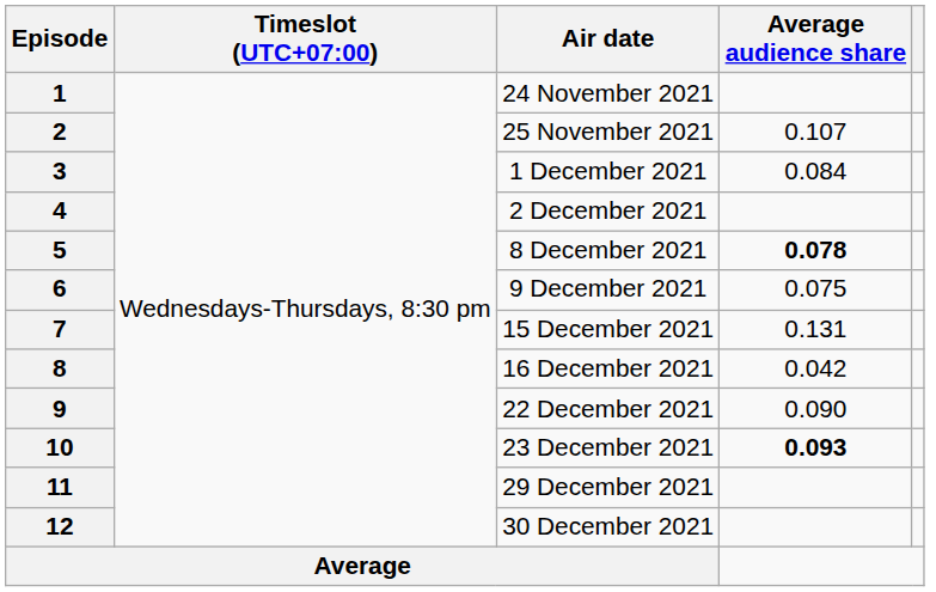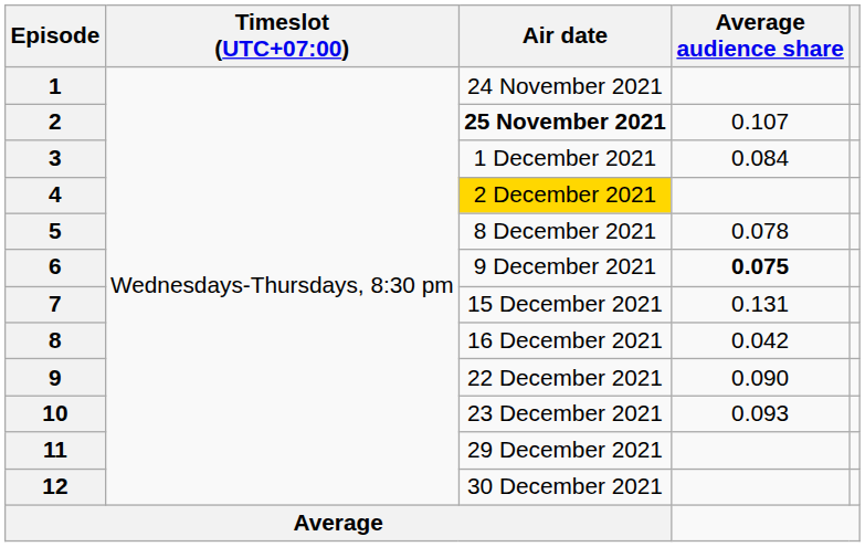 <table class="wikitable">
 <tr>
 <th>Episode<br></th>
 <th>Timeslot<br>(<a href='#'>UTC+07:00</a>)</th>
 <th>Air date</th>
 <th>Average<br><a href='#'>audience share</a></th>
 <th></th>
 </tr>
 <tr>
 <th style="text-align: center;">1</th>
 <td rowspan="12" style="text-align: center;">Wednesdays-Thursdays, 8:30 pm</td>
 <td style="text-align: center;">24 November 2021</td>
 <td style="text-align: center;"></td>
 <td style="text-align: center;"></td>
 </tr>
 <tr>
 <th style="text-align: center;">2</th>
-<td style="text-align: center;">25 November 2021</td>
+<td style="text-align: center;"><strong>25 November 2021</strong></td>
 <td style="text-align: center;">0.107</td>
 <td style="text-align: center;"></td>
 </tr>
 <tr>
 <th style="text-align: center;">3</th>
 <td style="text-align: center;">1 December 2021</td>
 <td style="text-align: center;">0.084</td>
 <td style="text-align: center;"></td>
 </tr>
 <tr>
 <th style="text-align: center;">4</th>
-<td style="text-align: center;">2 December 2021</td>
+<td style="background: gold; text-align: center;">2 December 2021</td>
 <td style="text-align: center;"></td>
 <td style="text-align: center;"></td>
 </tr>
 <tr>
 <th style="text-align: center;">5</th>
 <td style="text-align: center;">8 December 2021</td>
-<td style="text-align: center;"><strong>0.078</strong></td>
+<td style="text-align: center;">0.078</td>
 <td style="text-align: center;"></td>
 </tr>
 <tr>
 <th style="text-align: center;">6</th>
 <td style="text-align: center;">9 December 2021</td>
-<td style="text-align: center;">0.075</td>
+<td style="text-align: center;"><strong>0.075</strong></td>
 <td style="text-align: center;"></td>
 </tr>
 <tr>
 <th style="text-align: center;">7</th>
 <td style="text-align: center;">15 December 2021</td>
 <td style="text-align: center;">0.131</td>
 <td style="text-align: center;"></td>
 </tr>
 <tr>
 <th style="text-align: center;">8</th>
 <td style="text-align: center;">16 December 2021</td>
 <td style="text-align: center;">0.042</td>
 <td style="text-align: center;"></td>
 </tr>
 <tr>
 <th style="text-align: center;">9</th>
 <td style="text-align: center;">22 December 2021</td>
 <td style="text-align: center;">0.090</td>
 <td style="text-align: center;"></td>
 </tr>
 <tr>
 <th style="text-align: center;">10</th>
 <td style="text-align: center;">23 December 2021</td>
-<td style="text-align: center;"><strong>0.093</strong></td>
+<td style="text-align: center;">0.093</td>
 <td style="text-align: center;"></td>
 </tr>
 <tr>
 <th style="text-align: center;">11</th>
 <td style="text-align: center;">29 December 2021</td>
 <td style="text-align: center;"></td>
 <td style="text-align: center;"></td>
 </tr>
 <tr>
 <th style="text-align: center;">12</th>
 <td style="text-align: center;">30 December 2021</td>
 <td style="text-align: center;"></td>
 <td style="text-align: center;"></td>
 </tr>
 <tr>
 <th colspan="3" style="text-align: center;">Average</th>
 <td colspan="2" style="text-align: center;"> </td>
 </tr>
 </table>
